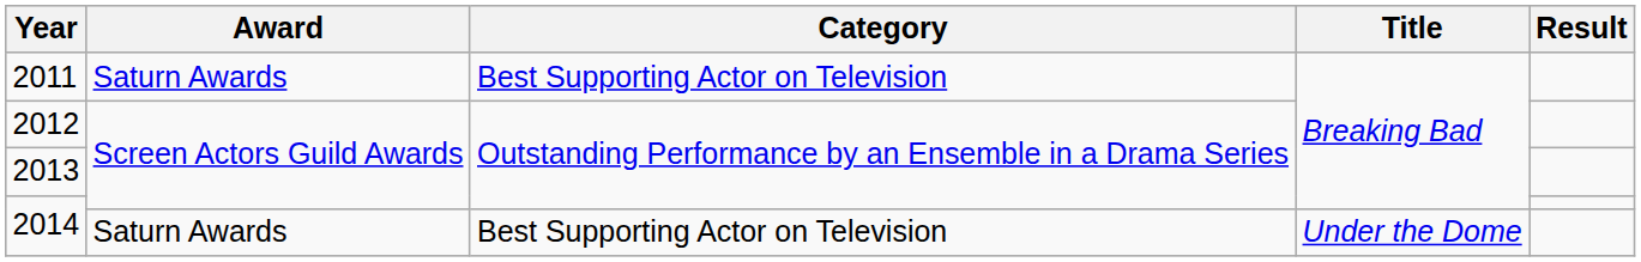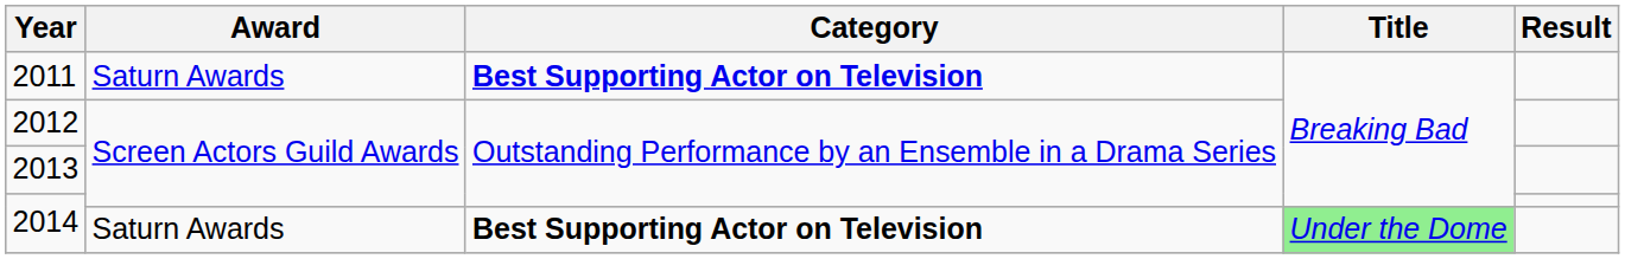 <table class="wikitable sortable">
 <tr>
 <th>Year</th>
 <th>Award</th>
 <th>Category</th>
 <th>Title</th>
 <th>Result</th>
 </tr>
 <tr>
 <td>2011</td>
 <td><a href='#'>Saturn Awards</a></td>
-<td><a href='#'>Best Supporting Actor on Television</a></td>
+<td><strong><a href='#'>Best Supporting Actor on Television</a></strong></td>
 <td rowspan="4"><em><a href='#'>Breaking Bad</a></em></td>
 <td></td>
 </tr>
 <tr>
 <td>2012</td>
 <td rowspan="3"><a href='#'>Screen Actors Guild Awards</a></td>
 <td rowspan="3"><a href='#'>Outstanding Performance by an Ensemble in a Drama Series</a></td>
 <td></td>
 </tr>
 <tr>
 <td>2013</td>
 <td></td>
 </tr>
 <tr>
 <td rowspan="2">2014</td>
 <td></td>
 </tr>
 <tr>
 <td>Saturn Awards</td>
-<td>Best Supporting Actor on Television</td>
-<td><em><a href='#'>Under the Dome</a></em></td>
+<td><strong>Best Supporting Actor on Television</strong></td>
+<td style="background: lightgreen;"><em><a href='#'>Under the Dome</a></em></td>
 <td></td>
 </tr>
 </table>
